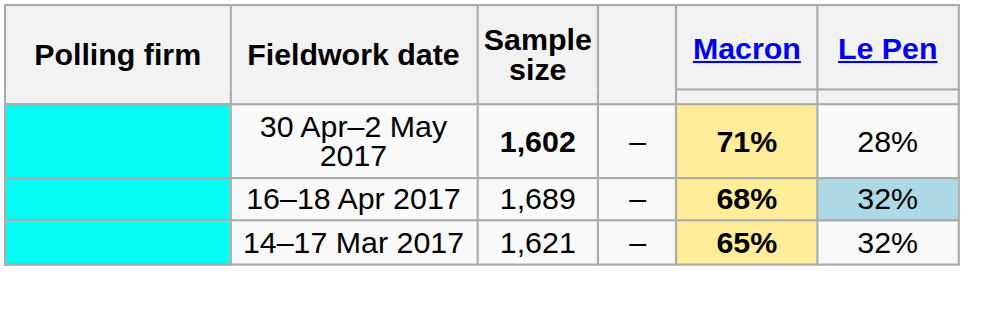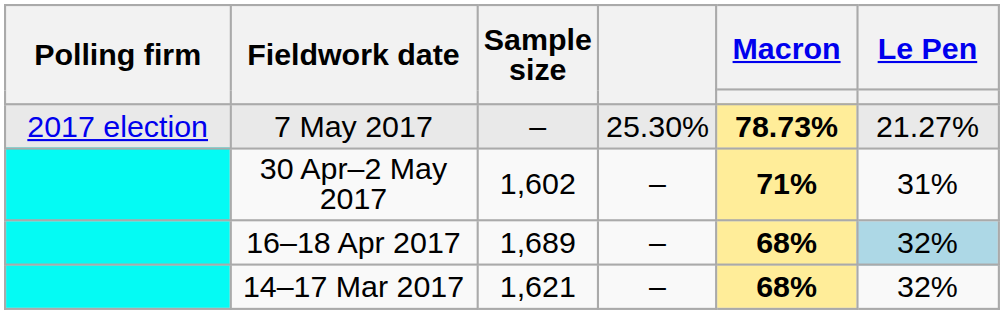 <table class="wikitable sortable" style="text-align:center;font-size:90%;line-height:14px;">
 <tr style="height:40px;">
 <th style="width:100px;" rowspan="2">Polling firm</th>
 <th style="width:110px;" rowspan="2">Fieldwork date</th>
 <th style="width:35px;" rowspan="2">Sample<br>size</th>
 <th style="width:30px;" rowspan="2"></th>
 <th class="unsortable" style="width:60px;"><a href='#'>Macron</a><br></th>
 <th class="unsortable" style="width:60px;"><a href='#'>Le Pen</a><br></th>
 </tr>
 <tr>
 <th style="background:"></th>
 <th style="background:"></th>
 </tr>
+<tr style="background:#E9E9E9;">
+<td><a href='#'>2017 election</a></td>
+<td data-sort-value="2017-05-07">7 May 2017</td>
+<td>–</td>
+<td>25.30%</td>
+<td style="background:#FFED99;"><strong>78.73%</strong></td>
+<td>21.27%</td>
+</tr>
 <tr>
 <td style="background:#04FBF4;"></td>
 <td data-sort-value="2017-05-02">30 Apr–2 May 2017</td>
-<td><strong>1,602</strong></td>
+<td>1,602</td>
 <td>–</td>
 <td style="background:#FFED99;"><strong>71%</strong></td>
-<td>28%</td>
+<td>31%</td>
 </tr>
 <tr>
 <td style="background:#04FBF4;"></td>
 <td data-sort-value="2017-04-18">16–18 Apr 2017</td>
 <td>1,689</td>
 <td>–</td>
 <td style="background:#FFED99;"><strong>68%</strong></td>
 <td style="background: lightblue;">32%</td>
 </tr>
 <tr>
 <td style="background:#04FBF4;"></td>
 <td data-sort-value="2017-03-17">14–17 Mar 2017</td>
 <td>1,621</td>
 <td>–</td>
-<td style="background:#FFED99;"><strong>65%</strong></td>
+<td style="background:#FFED99;"><strong>68%</strong></td>
 <td>32%</td>
 </tr>
 </table>
